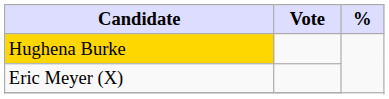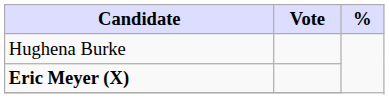 <table class="wikitable">
 <tr>
 <th style="background:#ddf; width:225px;">Candidate</th>
 <th style="background:#ddf; width:50px;">Vote</th>
 <th style="background:#ddf; width:30px;">%</th>
 </tr>
 <tr>
-<td style="background: gold;">Hughena Burke</td>
+<td>Hughena Burke</td>
 <td></td>
 </tr>
 <tr>
-<td>Eric Meyer (X)</td>
+<td><strong>Eric Meyer (X)</strong></td>
 <td></td>
 </tr>
 <tr>
 </tr>
 </table>
